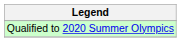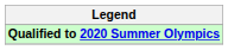 <table class="wikitable" style="font-size:92%;">
 <tr>
 <th>Legend</th>
 </tr>
 <tr>
 </tr>
 <tr bgcolor=#cfc>
-<td>Qualified to <a href='#'>2020 Summer Olympics</a></td>
+<td><strong>Qualified to <a href='#'>2020 Summer Olympics</a></strong></td>
 </tr>
 <tr>
 </tr>
 </table>
